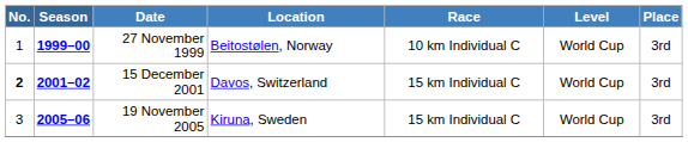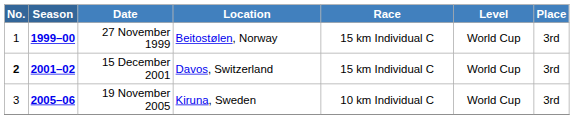 <table class="wikitable sortable" style="font-size:95%; text-align:center; border:grey solid 1px; border-collapse:collapse; background:#ffffff;">
 <tr style="background:#efefef;">
 <th style="background-color:#369; color:white;">No.</th>
 <th style="background-color:#369; color:white;">Season</th>
 <th style="background-color:#4180be; color:white; width:120px;">Date</th>
 <th style="background-color:#4180be; color:white; width:190px;">Location</th>
 <th style="background-color:#4180be; color:white; width:170px;">Race</th>
 <th style="background-color:#4180be; color:white; width:100px;">Level</th>
 <th style="background-color:#4180be; color:white;">Place</th>
 </tr>
 <tr>
 <td align=center>1</td>
 <td rowspan=1 align=center><strong><a href='#'>1999–00</a></strong></td>
 <td align=right>27 November 1999</td>
 <td align=left> <a href='#'>Beitostølen</a>, Norway</td>
-<td>10 km Individual C</td>
+<td>15 km Individual C</td>
 <td>World Cup</td>
 <td>3rd</td>
 </tr>
 <tr>
 <td align=center><strong>2</strong></td>
 <td rowspan=1 align=center><strong><a href='#'>2001–02</a></strong></td>
 <td align=right>15 December 2001</td>
 <td align=left> <a href='#'>Davos</a>, Switzerland</td>
 <td>15 km Individual C</td>
 <td>World Cup</td>
 <td>3rd</td>
 </tr>
 <tr>
 <td align=center>3</td>
 <td rowspan=1 align=center><strong><a href='#'>2005–06</a></strong></td>
 <td align=right>19 November 2005</td>
 <td align=left> <a href='#'>Kiruna</a>, Sweden</td>
-<td>15 km Individual C</td>
+<td>10 km Individual C</td>
 <td>World Cup</td>
 <td>3rd</td>
 </tr>
 <tr>
 </tr>
 </table>
